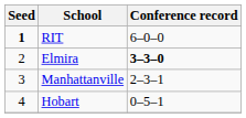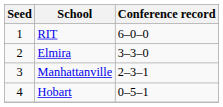 <table class="wikitable">
 <tr>
 <th>Seed</th>
 <th>School</th>
 <th>Conference record</th>
 </tr>
 <tr>
-<td align=center><strong>1</strong></td>
+<td align=center>1</td>
 <td><a href='#'>RIT</a></td>
 <td>6–0–0</td>
 </tr>
 <tr>
 <td align=center>2</td>
 <td><a href='#'>Elmira</a></td>
-<td><strong>3–3–0</strong></td>
+<td>3–3–0</td>
 </tr>
 <tr>
 <td align=center>3</td>
 <td><a href='#'>Manhattanville</a></td>
 <td>2–3–1</td>
 </tr>
 <tr>
 <td align=center>4</td>
 <td><a href='#'>Hobart</a></td>
 <td>0–5–1</td>
 </tr>
 <tr>
 </tr>
 </table>
